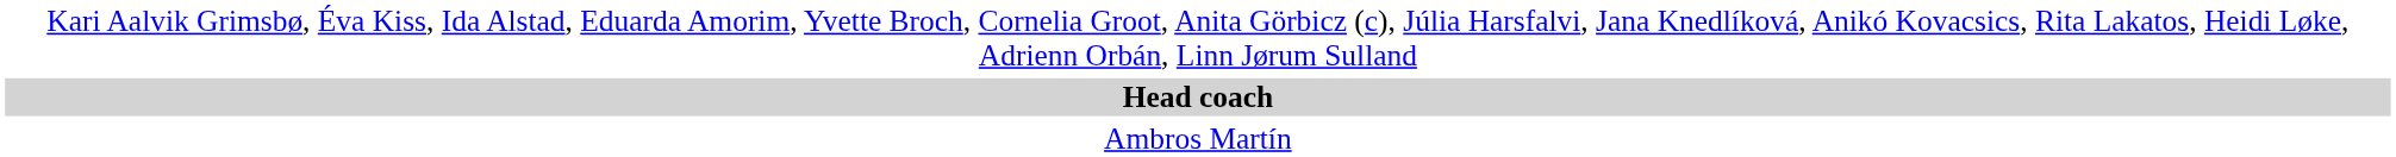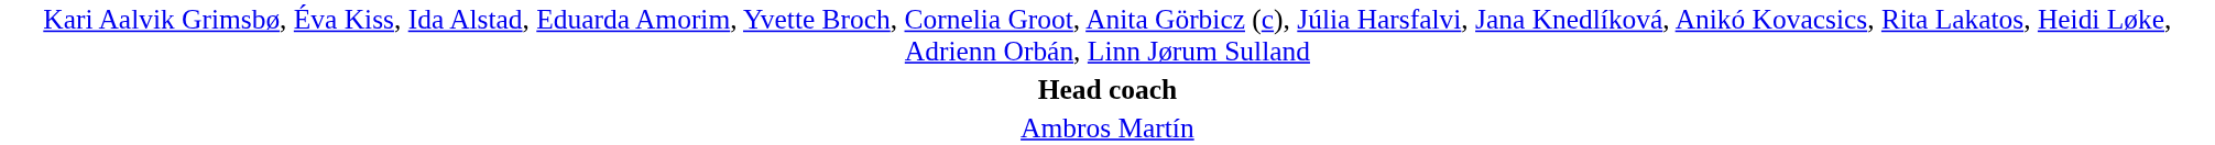 <table style="text-align: center; margin-top: 2em; margin-left: auto; margin-right: auto">
 <tr>
 <td><a href='#'>Kari Aalvik Grimsbø</a>, <a href='#'>Éva Kiss</a>, <a href='#'>Ida Alstad</a>, <a href='#'>Eduarda Amorim</a>, <a href='#'>Yvette Broch</a>, <a href='#'>Cornelia Groot</a>, <a href='#'>Anita Görbicz</a> (<a href='#'>c</a>), <a href='#'>Júlia Harsfalvi</a>, <a href='#'>Jana Knedlíková</a>, <a href='#'>Anikó Kovacsics</a>, <a href='#'>Rita Lakatos</a>, <a href='#'>Heidi Løke</a>, <a href='#'>Adrienn Orbán</a>, <a href='#'>Linn Jørum Sulland</a></td>
 </tr>
 <tr>
-<td style="background: lightgrey;"><strong>Head coach</strong></td>
+<td><strong>Head coach</strong></td>
 </tr>
 <tr>
 <td><a href='#'>Ambros Martín</a></td>
 </tr>
 </table>
